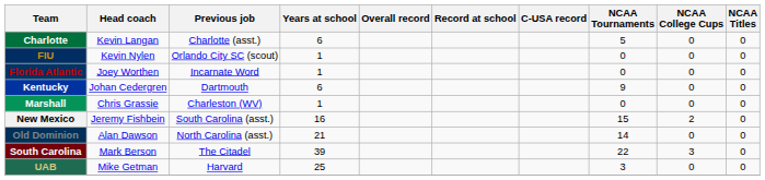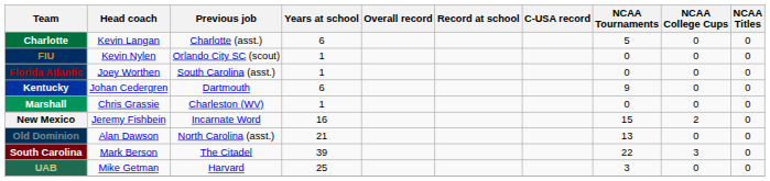 <table class="wikitable sortable" style="text-align: center;font-size:90%;">
 <tr>
 <th width="110">Team</th>
 <th>Head coach</th>
 <th>Previous job</th>
 <th>Years at school</th>
 <th>Overall record</th>
 <th>Record at school</th>
 <th>C-USA record</th>
 <th>NCAA<br>Tournaments</th>
 <th>NCAA<br>College Cups</th>
 <th>NCAA<br>Titles</th>
 </tr>
 <tr>
 <th style="background:#00703C; color:#FFFFFF;">Charlotte</th>
 <td><a href='#'>Kevin Langan</a></td>
 <td><a href='#'>Charlotte</a> (asst.)</td>
 <td>6</td>
 <td></td>
 <td></td>
 <td></td>
 <td>5</td>
 <td>0</td>
 <td>0</td>
 </tr>
 <tr>
 <th style="background:#002d62; color:#c5960c;">FIU</th>
 <td><a href='#'>Kevin Nylen</a></td>
 <td><a href='#'>Orlando City SC</a> (scout)</td>
 <td>1</td>
 <td></td>
 <td></td>
 <td></td>
 <td>0</td>
 <td>0</td>
 <td>0</td>
 </tr>
 <tr>
 <th style="background:#003366; color:#CC0000;">Florida Atlantic</th>
 <td><a href='#'>Joey Worthen</a></td>
-<td><a href='#'>Incarnate Word</a></td>
+<td><a href='#'>South Carolina</a> (asst.)</td>
 <td>1</td>
 <td></td>
 <td></td>
 <td></td>
 <td>0</td>
 <td>0</td>
 <td>0</td>
 </tr>
 <tr>
 <th style="background:#0033a0; color:#FFFFFF;">Kentucky</th>
 <td><a href='#'>Johan Cedergren</a></td>
 <td><a href='#'>Dartmouth</a></td>
 <td>6</td>
 <td></td>
 <td></td>
 <td></td>
 <td>9</td>
 <td>0</td>
 <td>0</td>
 </tr>
 <tr>
 <th style="background:#04945a; color:#FFFFFF;">Marshall</th>
 <td><a href='#'>Chris Grassie</a></td>
 <td><a href='#'>Charleston (WV)</a></td>
 <td>1</td>
 <td></td>
 <td></td>
 <td></td>
 <td>0</td>
 <td>0</td>
 <td>0</td>
 </tr>
 <tr>
 <th>New Mexico</th>
 <td><a href='#'>Jeremy Fishbein</a></td>
-<td><a href='#'>South Carolina</a> (asst.)</td>
+<td><a href='#'>Incarnate Word</a></td>
 <td>16</td>
 <td></td>
 <td></td>
 <td></td>
 <td>15</td>
 <td>2</td>
 <td>0</td>
 </tr>
 <tr>
 <th style="background:#003057; color:#7c878e;">Old Dominion</th>
 <td><a href='#'>Alan Dawson</a></td>
 <td><a href='#'>North Carolina</a> (asst.)</td>
 <td>21</td>
 <td></td>
 <td></td>
 <td></td>
-<td>14</td>
+<td>13</td>
 <td>0</td>
 <td>0</td>
 </tr>
 <tr>
 <th style="background:#73000a; color:#FFFFFF;">South Carolina</th>
 <td><a href='#'>Mark Berson</a></td>
 <td><a href='#'>The Citadel</a></td>
 <td>39</td>
 <td></td>
 <td></td>
 <td></td>
 <td>22</td>
 <td>3</td>
 <td>0</td>
 </tr>
 <tr>
 <th style="background:#1E6B52; color:#d2c780;">UAB</th>
 <td><a href='#'>Mike Getman</a></td>
 <td><a href='#'>Harvard</a></td>
 <td>25</td>
 <td></td>
 <td></td>
 <td></td>
 <td>3</td>
 <td>0</td>
 <td>0</td>
 </tr>
 <tr>
 </tr>
 </table>
